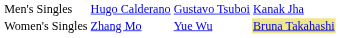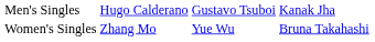 <table>
 <tr>
 <td>Men's Singles <br></td>
 <td> <a href='#'>Hugo Calderano</a></td>
 <td> <a href='#'>Gustavo Tsuboi</a></td>
 <td> <a href='#'>Kanak Jha</a></td>
 </tr>
 <tr>
 <td>Women's Singles <br></td>
 <td> <a href='#'>Zhang Mo</a></td>
 <td> <a href='#'>Yue Wu</a></td>
-<td style="background: khaki;"> <a href='#'>Bruna Takahashi</a></td>
+<td> <a href='#'>Bruna Takahashi</a></td>
 </tr>
 <tr>
 </tr>
 </table>
